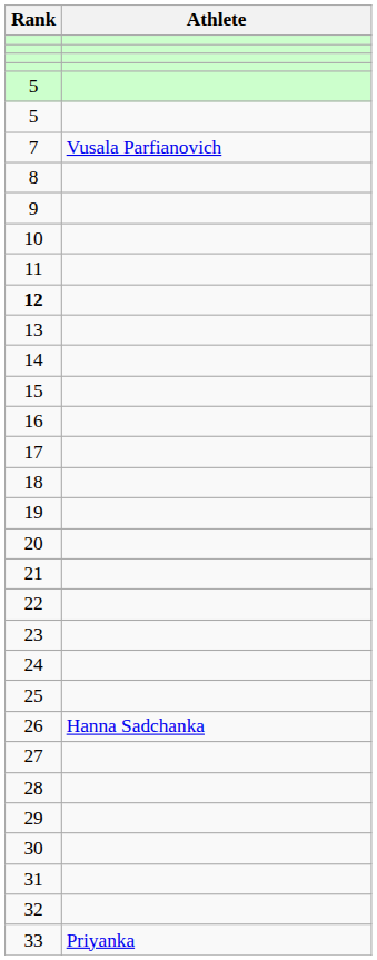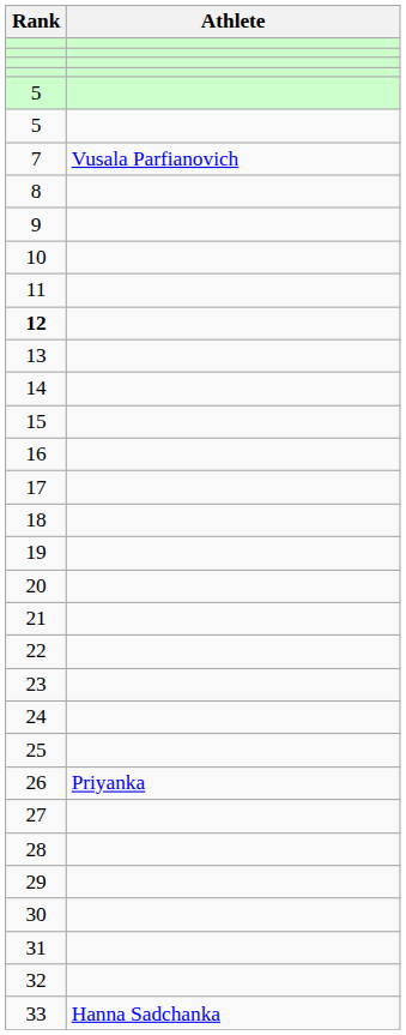 <table class="wikitable" style="text-align: center;">
 <tr>
 <th width=40>Rank</th>
 <th width=250>Athlete</th>
 </tr>
 <tr bgcolor=#ccffcc>
 <td></td>
 <td align="left"></td>
 </tr>
 <tr bgcolor=#ccffcc>
 <td></td>
 <td align="left"></td>
 </tr>
 <tr bgcolor=#ccffcc>
 <td></td>
 <td align="left"></td>
 </tr>
 <tr bgcolor=#ccffcc>
 <td></td>
 <td align="left"></td>
 </tr>
 <tr bgcolor=#ccffcc>
 <td>5</td>
 <td align="left"></td>
 </tr>
 <tr>
 <td>5</td>
 <td align="left"></td>
 </tr>
 <tr>
 <td>7</td>
 <td align="left"> <a href='#'>Vusala Parfianovich</a> </td>
 </tr>
 <tr>
 <td>8</td>
 <td align="left"></td>
 </tr>
 <tr>
 <td>9</td>
 <td align="left"></td>
 </tr>
 <tr>
 <td>10</td>
 <td align="left"></td>
 </tr>
 <tr>
 <td>11</td>
 <td align="left"></td>
 </tr>
 <tr>
 <td><strong>12</strong></td>
 <td align="left"></td>
 </tr>
 <tr>
 <td>13</td>
 <td align="left"></td>
 </tr>
 <tr>
 <td>14</td>
 <td align="left"></td>
 </tr>
 <tr>
 <td>15</td>
 <td align="left"></td>
 </tr>
 <tr>
 <td>16</td>
 <td align="left"></td>
 </tr>
 <tr>
 <td>17</td>
 <td align="left"></td>
 </tr>
 <tr>
 <td>18</td>
 <td align="left"></td>
 </tr>
 <tr>
 <td>19</td>
 <td align="left"></td>
 </tr>
 <tr>
 <td>20</td>
 <td align="left"></td>
 </tr>
 <tr>
 <td>21</td>
 <td align="left"></td>
 </tr>
 <tr>
 <td>22</td>
 <td align="left"></td>
 </tr>
 <tr>
 <td>23</td>
 <td align="left"></td>
 </tr>
 <tr>
 <td>24</td>
 <td align="left"></td>
 </tr>
 <tr>
 <td>25</td>
 <td align="left"></td>
 </tr>
 <tr>
 <td>26</td>
-<td align="left"> <a href='#'>Hanna Sadchanka</a> </td>
+<td align="left"> <a href='#'>Priyanka</a> </td>
 </tr>
 <tr>
 <td>27</td>
 <td align="left"></td>
 </tr>
 <tr>
 <td>28</td>
 <td align="left"></td>
 </tr>
 <tr>
 <td>29</td>
 <td align="left"></td>
 </tr>
 <tr>
 <td>30</td>
 <td align="left"></td>
 </tr>
 <tr>
 <td>31</td>
 <td align="left"></td>
 </tr>
 <tr>
 <td>32</td>
 <td align="left"></td>
 </tr>
 <tr>
 <td>33</td>
-<td align="left"> <a href='#'>Priyanka</a> </td>
+<td align="left"> <a href='#'>Hanna Sadchanka</a> </td>
 </tr>
 </table>
